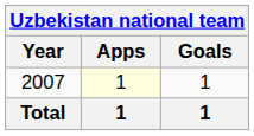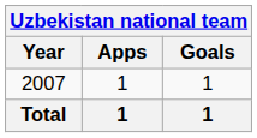 <table class="wikitable" style="text-align:center">
 <tr>
 <th colspan=3><a href='#'>Uzbekistan national team</a></th>
 </tr>
 <tr>
 <th>Year</th>
 <th>Apps</th>
 <th>Goals</th>
 </tr>
 <tr>
 <td>2007</td>
-<td style="background: lightyellow;">1</td>
+<td>1</td>
 <td>1</td>
 </tr>
 <tr>
 <th>Total</th>
 <th>1</th>
 <th>1</th>
 </tr>
 </table>
